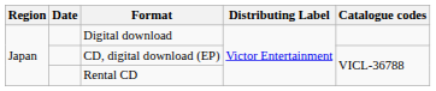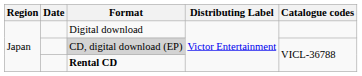 <table class="wikitable">
 <tr>
 <th>Region</th>
 <th>Date</th>
 <th>Format</th>
 <th>Distributing Label</th>
 <th>Catalogue codes</th>
 </tr>
 <tr>
 <td rowspan="3">Japan</td>
 <td></td>
 <td>Digital download</td>
 <td rowspan="3"><a href='#'>Victor Entertainment</a></td>
 <td rowspan="1"></td>
 </tr>
 <tr>
 <td></td>
-<td>CD, digital download (EP)</td>
+<td style="background: lightgrey;">CD, digital download (EP)</td>
 <td rowspan="2">VICL-36788</td>
 </tr>
 <tr>
 <td></td>
-<td>Rental CD</td>
+<td><strong>Rental CD</strong></td>
 </tr>
 </table>
